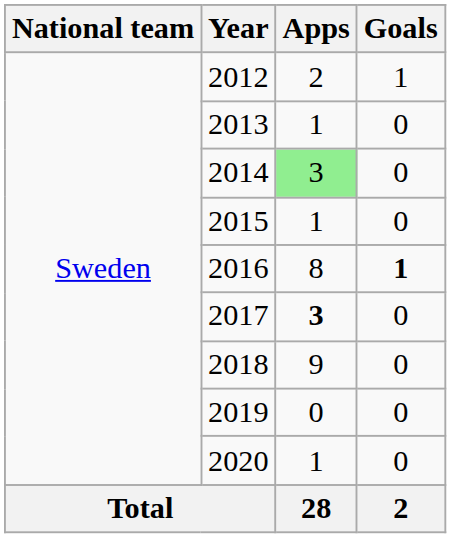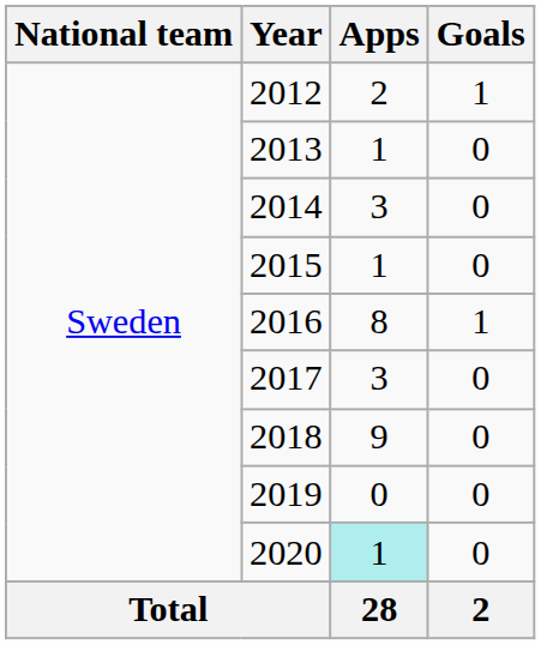 <table class="wikitable" style="text-align:center">
 <tr>
 <th>National team</th>
 <th>Year</th>
 <th>Apps</th>
 <th>Goals</th>
 </tr>
 <tr>
 <td rowspan="9"><a href='#'>Sweden</a></td>
 <td>2012</td>
 <td>2</td>
 <td>1</td>
 </tr>
 <tr>
 <td>2013</td>
 <td>1</td>
 <td>0</td>
 </tr>
 <tr>
 <td>2014</td>
-<td style="background: lightgreen;">3</td>
+<td>3</td>
 <td>0</td>
 </tr>
 <tr>
 <td>2015</td>
 <td>1</td>
 <td>0</td>
 </tr>
 <tr>
 <td>2016</td>
 <td>8</td>
-<td><strong>1</strong></td>
+<td>1</td>
 </tr>
 <tr>
 <td>2017</td>
-<td><strong>3</strong></td>
+<td>3</td>
 <td>0</td>
 </tr>
 <tr>
 <td>2018</td>
 <td>9</td>
 <td>0</td>
 </tr>
 <tr>
 <td>2019</td>
 <td>0</td>
 <td>0</td>
 </tr>
 <tr>
 <td>2020</td>
-<td>1</td>
+<td style="background: paleturquoise;">1</td>
 <td>0</td>
 </tr>
 <tr>
 <th colspan="2">Total</th>
 <th>28</th>
 <th>2</th>
 </tr>
 </table>
